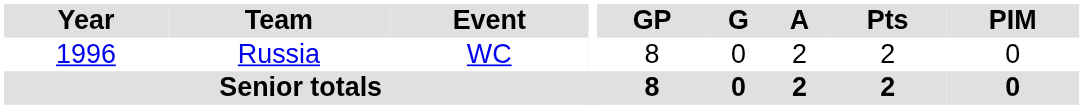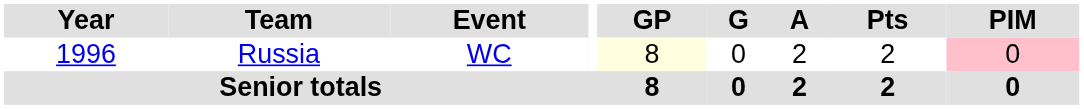 <table border="0" cellpadding="1" cellspacing="0" ID="Table3" style="text-align:center; width:40em">
 <tr bgcolor="#e0e0e0">
 <th>Year</th>
 <th>Team</th>
 <th>Event</th>
 <th rowspan="102" bgcolor="#ffffff"></th>
 <th>GP</th>
 <th>G</th>
 <th>A</th>
 <th>Pts</th>
 <th>PIM</th>
 </tr>
 <tr>
 <td><a href='#'>1996</a></td>
 <td><a href='#'>Russia</a></td>
 <td><a href='#'>WC</a></td>
-<td>8</td>
+<td style="background: lightyellow;">8</td>
 <td>0</td>
 <td>2</td>
 <td>2</td>
-<td>0</td>
+<td style="background: pink;">0</td>
 </tr>
 <tr bgcolor="#e0e0e0">
 <th colspan="4">Senior totals</th>
 <th>8</th>
 <th>0</th>
 <th>2</th>
 <th>2</th>
 <th>0</th>
 </tr>
 </table>
